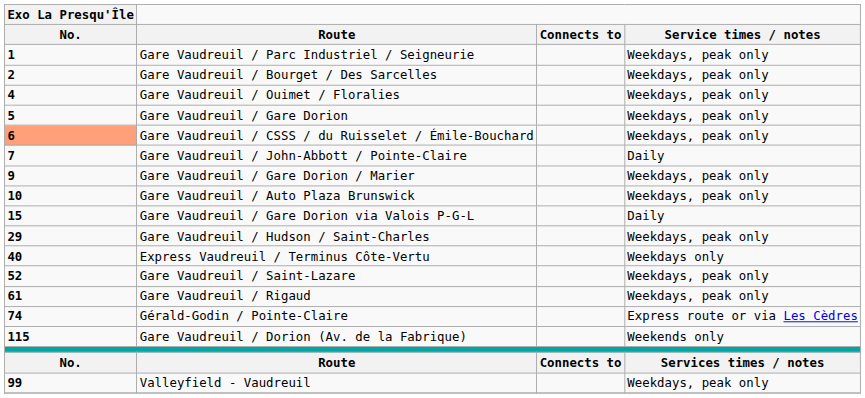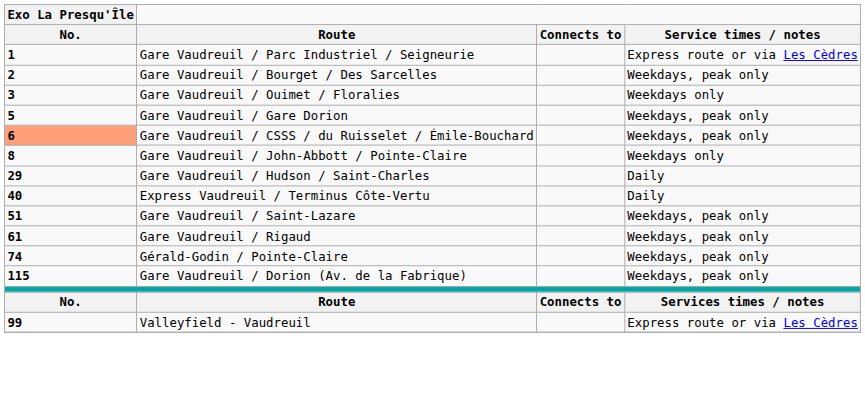 <table align=center class="wikitable">
 <tr>
 <th style="background: #">Exo La Presqu'Île</th>
 </tr>
 <tr>
 <th>No.</th>
 <th>Route</th>
 <th>Connects to</th>
 <th>Service times / notes</th>
 </tr>
 <tr>
 <td {{border> <strong>1</strong></td>
 <td>Gare Vaudreuil / Parc Industriel / Seigneurie</td>
 <td></td>
-<td>Weekdays, peak only</td>
+<td>Express route or via <a href='#'>Les Cèdres</a></td>
 </tr>
 <tr>
 <td {{border> <strong>2</strong></td>
 <td>Gare Vaudreuil / Bourget / Des Sarcelles</td>
 <td></td>
 <td>Weekdays, peak only</td>
 </tr>
 <tr>
-<td {{border> <strong>4</strong></td>
+<td {{border> <strong>3</strong></td>
 <td>Gare Vaudreuil / Ouimet / Floralies</td>
 <td></td>
-<td>Weekdays, peak only</td>
+<td>Weekdays only</td>
 </tr>
 <tr>
 <td {{border> <strong>5</strong></td>
 <td>Gare Vaudreuil / Gare Dorion</td>
 <td></td>
 <td>Weekdays, peak only</td>
 </tr>
 <tr>
 <td {{border style="background: lightsalmon;"> <strong>6</strong></td>
 <td>Gare Vaudreuil / CSSS / du Ruisselet / Émile-Bouchard</td>
 <td></td>
 <td>Weekdays, peak only</td>
 </tr>
 <tr>
-<td {{border> <strong>7</strong></td>
+<td {{border> <strong>8</strong></td>
 <td>Gare Vaudreuil / John-Abbott / Pointe-Claire</td>
 <td></td>
-<td>Daily</td>
-</tr>
-<tr>
-<td {{border> <strong>9</strong></td>
-<td>Gare Vaudreuil / Gare Dorion / Marier</td>
-<td></td>
-<td>Weekdays, peak only</td>
-</tr>
-<tr>
-<td {{border> <strong>10</strong></td>
-<td>Gare Vaudreuil / Auto Plaza Brunswick</td>
-<td></td>
-<td>Weekdays, peak only</td>
-</tr>
-<tr>
-<td {{border> <strong>15</strong></td>
-<td>Gare Vaudreuil / Gare Dorion via Valois P-G-L</td>
-<td></td>
-<td>Daily</td>
+<td>Weekdays only</td>
 </tr>
 <tr>
 <td {{border> <strong>29</strong></td>
 <td>Gare Vaudreuil / Hudson / Saint-Charles</td>
 <td></td>
-<td>Weekdays, peak only</td>
+<td>Daily</td>
 </tr>
 <tr>
 <td {{border> <strong>40</strong></td>
 <td>Express Vaudreuil / Terminus Côte-Vertu</td>
 <td></td>
-<td>Weekdays only</td>
+<td>Daily</td>
 </tr>
 <tr>
-<td {{border> <strong>52</strong></td>
+<td {{border> <strong>51</strong></td>
 <td>Gare Vaudreuil / Saint-Lazare</td>
 <td></td>
 <td>Weekdays, peak only</td>
 </tr>
 <tr>
 <td {{border> <strong>61</strong></td>
 <td>Gare Vaudreuil / Rigaud</td>
 <td></td>
 <td>Weekdays, peak only</td>
 </tr>
 <tr>
 <td {{border> <strong>74</strong></td>
 <td>Gérald-Godin / Pointe-Claire</td>
 <td></td>
-<td>Express route or via <a href='#'>Les Cèdres</a></td>
+<td>Weekdays, peak only</td>
 </tr>
 <tr>
 <td {{border> <strong>115</strong></td>
 <td>Gare Vaudreuil / Dorion (Av. de la Fabrique)</td>
 <td></td>
-<td>Weekends only</td>
+<td>Weekdays, peak only</td>
 </tr>
 <tr>
 <th style="background: #00A6A6; " Colspan="4"></th>
 </tr>
 <tr>
 <th>No.</th>
 <th>Route</th>
 <th>Connects to</th>
 <th>Services times / notes</th>
 </tr>
 <tr>
 <td><strong>99</strong></td>
 <td>Valleyfield - Vaudreuil</td>
 <td></td>
-<td>Weekdays, peak only</td>
+<td>Express route or via <a href='#'>Les Cèdres</a></td>
 </tr>
 <tr>
 </tr>
 </table>
